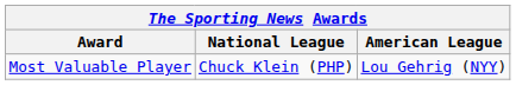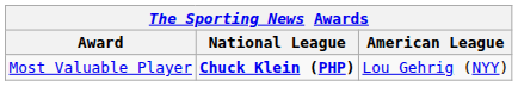 <table class="wikitable">
 <tr>
 <th colspan="3"><em><a href='#'>The Sporting News</a></em> <a href='#'>Awards</a></th>
 </tr>
 <tr>
 <th>Award</th>
 <th>National League</th>
 <th>American League</th>
 </tr>
 <tr>
 <td><a href='#'>Most Valuable Player</a></td>
-<td><a href='#'>Chuck Klein</a> (<a href='#'>PHP</a>)</td>
+<td><strong><a href='#'>Chuck Klein</a> (<a href='#'>PHP</a>)</strong></td>
 <td><a href='#'>Lou Gehrig</a> (<a href='#'>NYY</a>)</td>
 </tr>
 </table>
